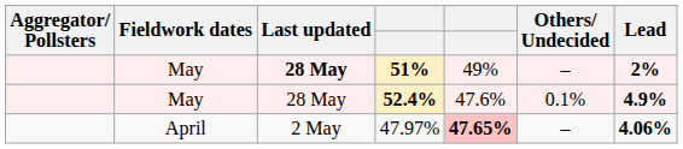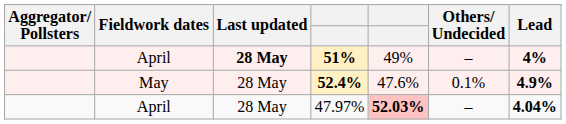 <table class="sortable wikitable mw-datatable mw-collapsible" style="text-align:center; font-size:95%; line-height:16px;">
 <tr>
 <th rowspan="2">Aggregator/<br>Pollsters</th>
 <th rowspan="2">Fieldwork dates</th>
 <th rowspan="2">Last updated</th>
 <th></th>
 <th></th>
 <th rowspan="2">Others/<br>Undecided</th>
 <th rowspan="2">Lead</th>
 </tr>
 <tr>
 <th style="background:"></th>
 <th style="background:"></th>
 </tr>
 <tr style="background: #FFEEEE">
 <td></td>
-<td>May</td>
+<td>April</td>
 <td><strong>28 May</strong></td>
 <td style="background:#FFF1C4"><strong>51%</strong></td>
 <td>49%</td>
 <td>–</td>
-<td style="background:"><strong>2%</strong></td>
+<td style="background:"><strong>4%</strong></td>
 </tr>
 <tr style="background: #FFEEEE">
 <td></td>
 <td>May</td>
 <td>28 May</td>
 <td style="background:#FFF1C4"><strong>52.4%</strong></td>
 <td>47.6%</td>
 <td>0.1%</td>
 <td style="background:"><strong>4.9%</strong></td>
 </tr>
 <tr>
 <td></td>
 <td>April</td>
-<td>2 May</td>
+<td>28 May</td>
 <td>47.97%</td>
-<td style="background:#FFC2C2"><strong>47.65%</strong></td>
+<td style="background:#FFC2C2"><strong>52.03%</strong></td>
 <td>–</td>
-<td style="background:"><strong>4.06%</strong></td>
+<td style="background:"><strong>4.04%</strong></td>
 </tr>
 </table>
